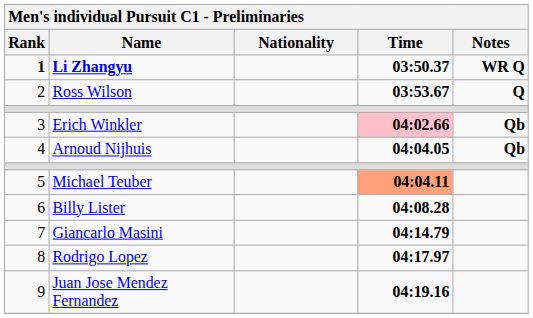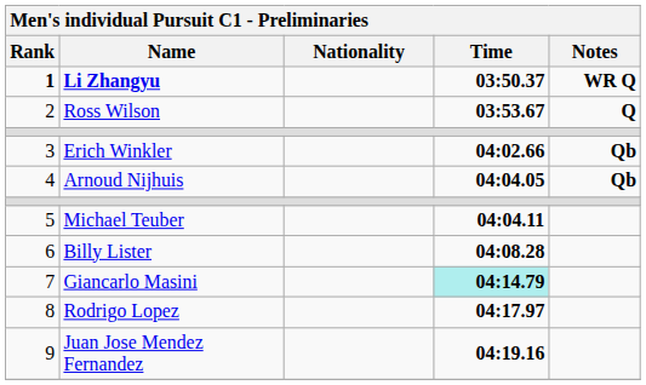 <table class="wikitable sortable" style="text-align:left" width="60%">
 <tr>
 <th colspan="7" style="text-align:left">Men's individual Pursuit C1  -  Preliminaries</th>
 </tr>
 <tr>
 <th width=20>Rank</th>
 <th width=180>Name</th>
 <th>Nationality</th>
 <th>Time</th>
 <th>Notes</th>
 </tr>
 <tr>
 <td align=right><strong>1</strong></td>
 <td><strong><a href='#'>Li Zhangyu</a></strong></td>
 <td><strong></strong></td>
 <td align=right><strong>03:50.37</strong></td>
 <td align=right><strong>WR Q</strong></td>
 </tr>
 <tr>
 <td align=right>2</td>
 <td><a href='#'>Ross Wilson</a></td>
 <td></td>
 <td align=right><strong>03:53.67</strong></td>
 <td align=right><strong>Q</strong></td>
 </tr>
 <tr bgcolor="#dddddd">
 <td colspan="5"></td>
 </tr>
 <tr>
 <td align=right>3</td>
 <td><a href='#'>Erich Winkler</a></td>
 <td></td>
-<td align=right style="background: pink;"><strong>04:02.66</strong></td>
+<td align=right><strong>04:02.66</strong></td>
 <td align=right><strong>Qb</strong></td>
 </tr>
 <tr>
 <td align=right>4</td>
 <td><a href='#'>Arnoud Nijhuis</a></td>
 <td></td>
 <td align=right><strong>04:04.05</strong></td>
 <td align=right><strong>Qb</strong></td>
 </tr>
 <tr bgcolor="#dddddd">
 <td colspan="5"></td>
 </tr>
 <tr>
 <td align=right>5</td>
 <td><a href='#'>Michael Teuber</a></td>
 <td></td>
-<td align=right style="background: lightsalmon;"><strong>04:04.11</strong></td>
+<td align=right><strong>04:04.11</strong></td>
 <td align=right></td>
 </tr>
 <tr>
 <td align=right>6</td>
 <td><a href='#'>Billy Lister</a></td>
 <td></td>
 <td align=right><strong>04:08.28</strong></td>
 <td align=right></td>
 </tr>
 <tr>
 <td align=right>7</td>
 <td><a href='#'>Giancarlo Masini</a></td>
 <td></td>
-<td align=right><strong>04:14.79</strong></td>
+<td align=right style="background: paleturquoise;"><strong>04:14.79</strong></td>
 <td align=right></td>
 </tr>
 <tr>
 <td align=right>8</td>
 <td><a href='#'>Rodrigo Lopez</a></td>
 <td></td>
 <td align=right><strong>04:17.97</strong></td>
 <td align=right></td>
 </tr>
 <tr>
 <td align=right>9</td>
 <td><a href='#'>Juan Jose Mendez Fernandez</a></td>
 <td></td>
 <td align=right><strong>04:19.16</strong></td>
 <td align=right></td>
 </tr>
 <tr>
 </tr>
 </table>
